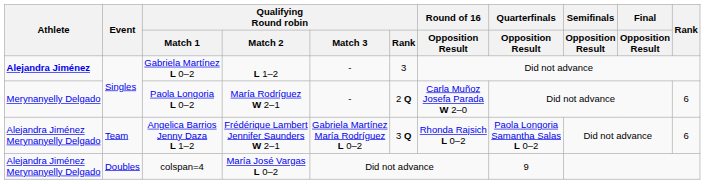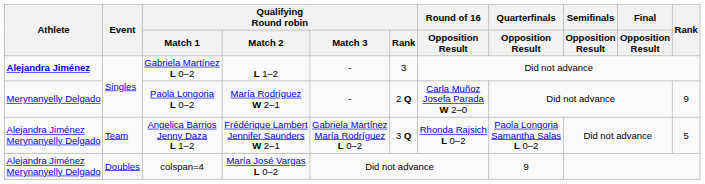 <table class="wikitable" style="font-size:90%">
 <tr>
 <th rowspan="2">Athlete</th>
 <th rowspan="2">Event</th>
 <th colspan="4">Qualifying<br>Round robin</th>
 <th>Round of 16</th>
 <th>Quarterfinals</th>
 <th>Semifinals</th>
 <th>Final</th>
 <th rowspan="2">Rank</th>
 </tr>
 <tr>
 <th>Match 1</th>
 <th>Match 2</th>
 <th>Match 3</th>
 <th>Rank</th>
 <th>Opposition<br>Result</th>
 <th>Opposition<br>Result</th>
 <th>Opposition<br>Result</th>
 <th>Opposition<br>Result</th>
 </tr>
 <tr align=center>
 <td align=left><strong><a href='#'>Alejandra Jiménez</a></strong></td>
 <td rowspan=2 align=left><a href='#'>Singles</a></td>
 <td align=center> <a href='#'>Gabriela Martínez</a><br><strong>L</strong> 0–2</td>
 <td align=center><br><strong>L</strong> 1–2</td>
 <td align=center>-</td>
 <td>3</td>
 <td colspan=5>Did not advance</td>
 </tr>
 <tr align=center>
 <td align=left><a href='#'>Merynanyelly Delgado</a></td>
 <td align=center> <a href='#'>Paola Longoria</a><br><strong>L</strong> 0–2</td>
 <td align=center> <a href='#'>María Rodríguez</a><br><strong>W</strong> 2–1</td>
 <td align=center>-</td>
 <td>2 <strong>Q</strong></td>
 <td align=center> <a href='#'>Carla Muñoz</a><br><a href='#'>Josefa Parada</a><br><strong>W</strong> 2–0</td>
 <td colspan=3>Did not advance</td>
-<td>6</td>
+<td>9</td>
 </tr>
 <tr align=center>
 <td align=left><a href='#'>Alejandra Jiménez</a><br><a href='#'>Merynanyelly Delgado</a></td>
 <td align=left><a href='#'>Team</a></td>
 <td align=center> <a href='#'>Angelica Barrios</a><br><a href='#'>Jenny Daza</a><br><strong>L</strong> 1–2</td>
 <td align=center> <a href='#'>Frédérique Lambert</a><br><a href='#'>Jennifer Saunders</a><br><strong>W</strong> 2–1</td>
 <td align=center> <a href='#'>Gabriela Martínez</a><br><a href='#'>María Rodríguez</a><br><strong>L</strong> 0–2</td>
 <td>3 <strong>Q</strong></td>
 <td align=center> <a href='#'>Rhonda Rajsich</a><br><strong>L</strong> 0–2</td>
 <td align=center> <a href='#'>Paola Longoria</a><br><a href='#'>Samantha Salas</a><br><strong>L</strong> 0–2</td>
 <td colspan=2>Did not advance</td>
-<td>6</td>
+<td>5</td>
 </tr>
 <tr align=center>
 <td align=left><a href='#'>Alejandra Jiménez</a><br><a href='#'>Merynanyelly Delgado</a></td>
 <td align=left><a href='#'>Doubles</a></td>
 <td>colspan=4 </td>
 <td align=center> <a href='#'>María José Vargas</a><br><strong>L</strong> 0–2</td>
 <td colspan=3>Did not advance</td>
 <td>9</td>
 </tr>
 </table>
